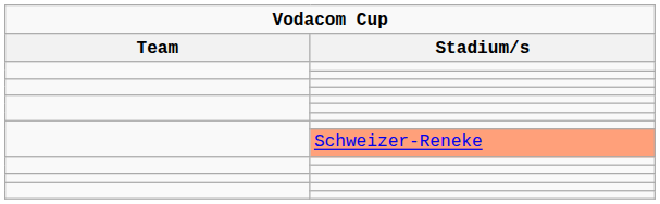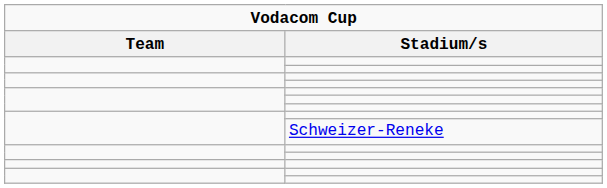 <table class="wikitable">
 <tr>
 <td colspan=3 align=center><strong>Vodacom Cup</strong></td>
 </tr>
 <tr>
 <th width="220">Team</th>
 <th width="250">Stadium/s</th>
 </tr>
 <tr>
 <td rowspan=2></td>
 <td></td>
 </tr>
 <tr>
 <td></td>
 </tr>
 <tr>
 <td rowspan=2></td>
 <td></td>
 </tr>
 <tr>
 <td></td>
 </tr>
 <tr>
 <td rowspan=3></td>
 <td></td>
 </tr>
 <tr>
 <td></td>
 </tr>
 <tr>
 <td></td>
 </tr>
 <tr>
 <td rowspan=2></td>
 <td></td>
 </tr>
 <tr>
-<td style="background: lightsalmon;"><a href='#'>Schweizer-Reneke</a></td>
+<td><a href='#'>Schweizer-Reneke</a></td>
 </tr>
 <tr>
 <td rowspan=2></td>
 <td></td>
 </tr>
 <tr>
 <td></td>
 </tr>
 <tr>
 <td></td>
 <td></td>
 </tr>
 <tr>
 <td rowspan=2></td>
 <td></td>
 </tr>
 <tr>
 <td></td>
 </tr>
 </table>
